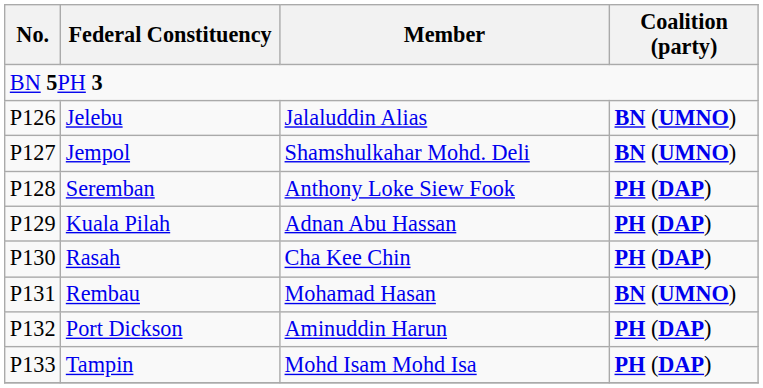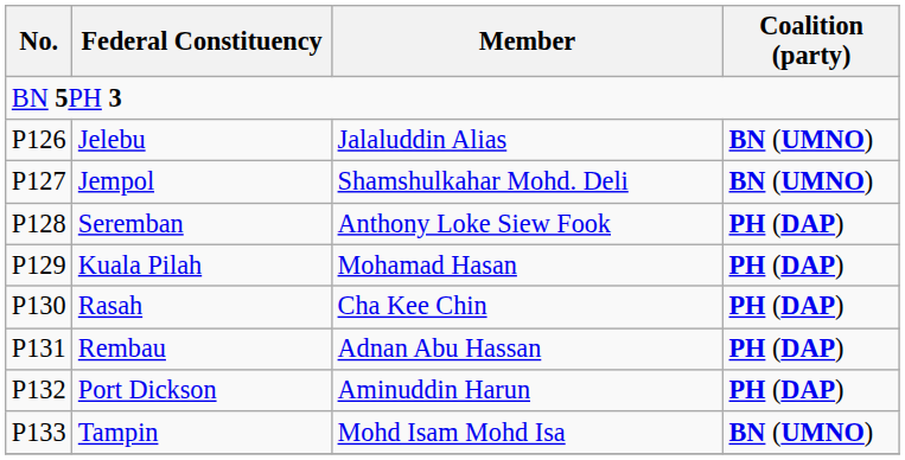 <table class="wikitable sortable">
 <tr>
 <th style="width:30px;">No.</th>
 <th style="width:150px;">Federal Constituency</th>
 <th style="width:230px;">Member</th>
 <th style="width:100px;">Coalition (party)</th>
 </tr>
 <tr>
 <td colspan="4"><a href='#'>BN</a> <strong>5</strong><a href='#'>PH</a> <strong>3</strong></td>
 </tr>
 <tr>
 <td>P126</td>
 <td><a href='#'>Jelebu</a></td>
 <td><a href='#'>Jalaluddin Alias</a></td>
 <td><strong><a href='#'>BN</a></strong> (<strong><a href='#'>UMNO</a></strong>)</td>
 </tr>
 <tr>
 <td>P127</td>
 <td><a href='#'>Jempol</a></td>
 <td><a href='#'>Shamshulkahar Mohd. Deli</a></td>
 <td><strong><a href='#'>BN</a></strong> (<strong><a href='#'>UMNO</a></strong>)</td>
 </tr>
 <tr>
 <td>P128</td>
 <td><a href='#'>Seremban</a></td>
 <td><a href='#'>Anthony Loke Siew Fook</a></td>
 <td><strong><a href='#'>PH</a></strong> (<strong><a href='#'>DAP</a></strong>)</td>
 </tr>
 <tr>
 <td>P129</td>
 <td><a href='#'>Kuala Pilah</a></td>
-<td><a href='#'>Adnan Abu Hassan</a></td>
+<td><a href='#'>Mohamad Hasan</a></td>
 <td><strong><a href='#'>PH</a></strong> (<strong><a href='#'>DAP</a></strong>)</td>
 </tr>
 <tr>
 <td>P130</td>
 <td><a href='#'>Rasah</a></td>
 <td><a href='#'>Cha Kee Chin</a></td>
 <td><strong><a href='#'>PH</a></strong> (<strong><a href='#'>DAP</a></strong>)</td>
 </tr>
 <tr>
 <td>P131</td>
 <td><a href='#'>Rembau</a></td>
-<td><a href='#'>Mohamad Hasan</a></td>
-<td><strong><a href='#'>BN</a></strong> (<strong><a href='#'>UMNO</a></strong>)</td>
+<td><a href='#'>Adnan Abu Hassan</a></td>
+<td><strong><a href='#'>PH</a></strong> (<strong><a href='#'>DAP</a></strong>)</td>
 </tr>
 <tr>
 <td>P132</td>
 <td><a href='#'>Port Dickson</a></td>
 <td><a href='#'>Aminuddin Harun</a></td>
 <td><strong><a href='#'>PH</a></strong> (<strong><a href='#'>DAP</a></strong>)</td>
 </tr>
 <tr>
 <td>P133</td>
 <td><a href='#'>Tampin</a></td>
 <td><a href='#'>Mohd Isam Mohd Isa</a></td>
-<td><strong><a href='#'>PH</a></strong> (<strong><a href='#'>DAP</a></strong>)</td>
+<td><strong><a href='#'>BN</a></strong> (<strong><a href='#'>UMNO</a></strong>)</td>
 </tr>
 <tr>
 </tr>
 </table>
